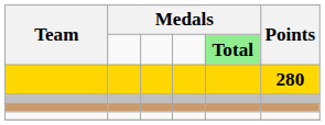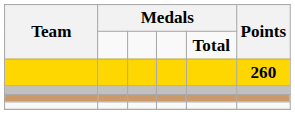 <table class="wikitable" style="text-align:center;">
 <tr>
 <th width=80px rowspan=2>Team</th>
 <th colspan=4>Medals</th>
 <th rowspan=2>Points</th>
 </tr>
 <tr>
 <td width=20px></td>
 <td width=20px></td>
 <td width=20px></td>
-<td width=40px align=center style="background: lightgreen;"><strong>Total</strong></td>
+<td width=40px align=center><strong>Total</strong></td>
 </tr>
 <tr bgcolor="gold">
 <td></td>
 <td></td>
 <td></td>
 <td></td>
 <td></td>
-<td><strong>280</strong></td>
+<td><strong>260</strong></td>
 </tr>
 <tr bgcolor="silver">
 <td></td>
 <td></td>
 <td></td>
 <td></td>
 <td></td>
 <td></td>
 </tr>
 <tr bgcolor="CC9968">
 <td></td>
 <td></td>
 <td></td>
 <td></td>
 <td></td>
 <td></td>
 </tr>
 <tr>
 <td></td>
 <td></td>
 <td></td>
 <td></td>
 <td></td>
 <td></td>
 </tr>
 <tr>
 </tr>
 </table>
